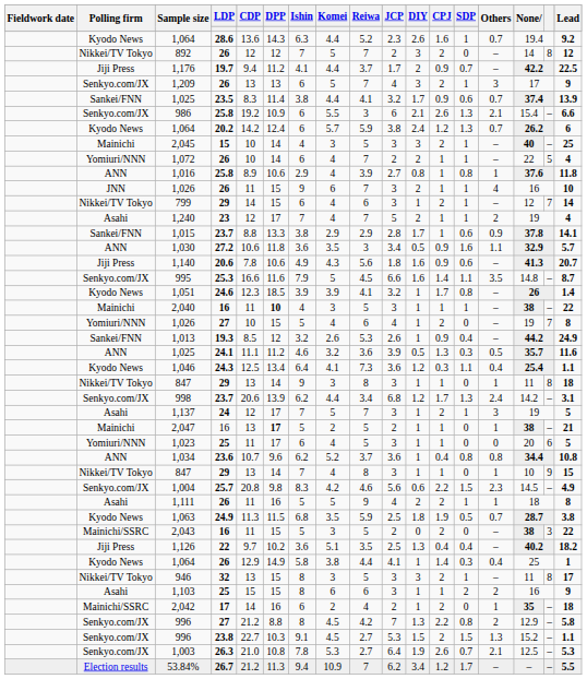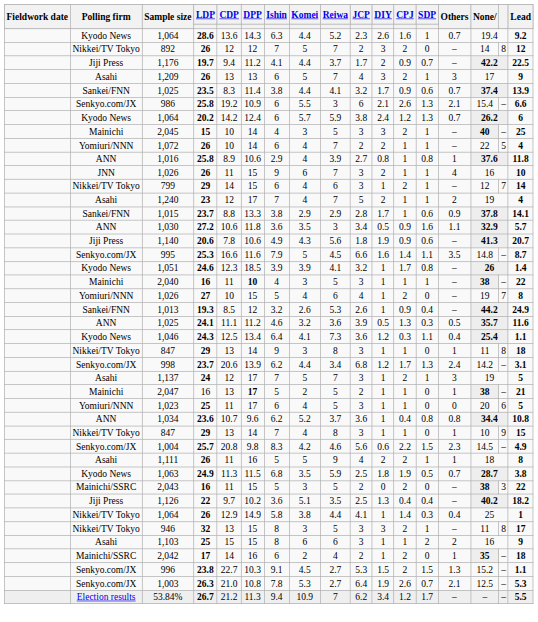 <table class="wikitable mw-datatable sortable mw-collapsible" style="text-align:center;font-size:90%;line-height:14px;">
 <tr style="height:30px; background-color:#8B8B8B">
 <th rowspan="2">Fieldwork date</th>
 <th rowspan="2">Polling firm</th>
 <th class="unsortable" rowspan="2">Sample size</th>
 <th class="unsortable"><a href='#'>LDP</a></th>
 <th class="unsortable"><a href='#'>CDP</a></th>
 <th class="unsortable"><a href='#'>DPP</a></th>
 <th class="unsortable"><a href='#'>Ishin</a></th>
 <th class="unsortable"><a href='#'>Komei</a></th>
 <th class="unsortable"><a href='#'>Reiwa</a></th>
 <th class="unsortable"><a href='#'>JCP</a></th>
 <th class="unsortable"><a href='#'>DIY</a></th>
 <th class="unsortable"><a href='#'>CPJ</a></th>
 <th class="unsortable"><a href='#'>SDP</a></th>
 <th class="unsortable" rowspan="2">Others</th>
 <th class="unsortable" rowspan="2">None/</th>
 <th class="unsortable" rowspan="2"></th>
 <th class="unsortable" rowspan="2">Lead</th>
 </tr>
 <tr>
 <th data-sort-type="number" style="background:"></th>
 <th data-sort-type="number" style="background:"></th>
 <th data-sort-type="number" style="background:"></th>
 <th data-sort-type="number" style="background:"></th>
 <th data-sort-type="number" style="background:"></th>
 <th data-sort-type="number" style="background:"></th>
 <th data-sort-type="number" style="background:"></th>
 <th data-sort-type="number" style="background:"></th>
 <th data-sort-type="number" style="background:"></th>
 <th data-sort-type="number" style="background:"></th>
 </tr>
 <tr>
 <td></td>
 <td>Kyodo News</td>
 <td>1,064</td>
 <td><strong>28.6</strong></td>
 <td>13.6</td>
 <td>14.3</td>
 <td>6.3</td>
 <td>4.4</td>
 <td>5.2</td>
 <td>2.3</td>
 <td>2.6</td>
 <td>1.6</td>
 <td>1</td>
 <td>0.7</td>
 <td colspan="2">19.4</td>
 <td style="background:"><strong>9.2</strong></td>
 </tr>
 <tr>
 <td></td>
 <td>Nikkei/TV Tokyo</td>
 <td>892</td>
 <td><strong>26</strong></td>
 <td>12</td>
 <td>12</td>
 <td>7</td>
 <td>5</td>
 <td>7</td>
 <td>2</td>
 <td>3</td>
 <td>2</td>
 <td>0</td>
 <td>–</td>
 <td>14</td>
 <td>8</td>
 <td style="background:"><strong>12</strong></td>
 </tr>
 <tr>
 <td></td>
 <td>Jiji Press</td>
 <td>1,176</td>
 <td><strong>19.7</strong></td>
 <td>9.4</td>
 <td>11.2</td>
 <td>4.1</td>
 <td>4.4</td>
 <td>3.7</td>
 <td>1.7</td>
 <td>2</td>
 <td>0.9</td>
 <td>0.7</td>
 <td>–</td>
 <td colspan="2" style="background:#EEEEEE;"><strong>42.2</strong></td>
 <td style="background:"><strong>22.5</strong></td>
 </tr>
 <tr>
 <td></td>
-<td>Senkyo.com/JX</td>
+<td>Asahi</td>
 <td>1,209</td>
 <td><strong>26</strong></td>
 <td>13</td>
 <td>13</td>
 <td>6</td>
 <td>5</td>
 <td>7</td>
 <td>4</td>
 <td>3</td>
 <td>2</td>
 <td>1</td>
 <td>3</td>
 <td colspan="2">17</td>
 <td style="background:"><strong>9</strong></td>
 </tr>
 <tr>
 <td></td>
 <td>Sankei/FNN</td>
 <td>1,025</td>
 <td><strong>23.5</strong></td>
 <td>8.3</td>
 <td>11.4</td>
 <td>3.8</td>
 <td>4.4</td>
 <td>4.1</td>
 <td>3.2</td>
 <td>1.7</td>
 <td>0.9</td>
 <td>0.6</td>
 <td>0.7</td>
 <td colspan="2" style="background:#EEEEEE;"><strong>37.4</strong></td>
 <td style="background:"><strong>13.9</strong></td>
 </tr>
 <tr>
 <td></td>
 <td>Senkyo.com/JX</td>
 <td>986</td>
 <td><strong>25.8</strong></td>
 <td>19.2</td>
 <td>10.9</td>
 <td>6</td>
 <td>5.5</td>
 <td>3</td>
 <td>6</td>
 <td>2.1</td>
 <td>2.6</td>
 <td>1.3</td>
 <td>2.1</td>
 <td>15.4</td>
 <td>–</td>
 <td style="background:"><strong>6.6</strong></td>
 </tr>
 <tr>
 <td></td>
 <td>Kyodo News</td>
 <td>1,064</td>
 <td><strong>20.2</strong></td>
 <td>14.2</td>
 <td>12.4</td>
 <td>6</td>
 <td>5.7</td>
 <td>5.9</td>
 <td>3.8</td>
 <td>2.4</td>
 <td>1.2</td>
 <td>1.3</td>
 <td>0.7</td>
 <td colspan="2" style="background:#EEEEEE;"><strong>26.2</strong></td>
 <td style="background:"><strong>6</strong></td>
 </tr>
 <tr>
 <td></td>
 <td>Mainichi</td>
 <td>2,045</td>
 <td><strong>15</strong></td>
 <td>10</td>
 <td>14</td>
 <td>4</td>
 <td>3</td>
 <td>5</td>
 <td>3</td>
 <td>3</td>
 <td>2</td>
 <td>1</td>
 <td>–</td>
 <td style="background:#EEEEEE;"><strong>40</strong></td>
 <td>–</td>
 <td style="background:"><strong>25</strong></td>
 </tr>
 <tr>
 <td></td>
 <td>Yomiuri/NNN</td>
 <td>1,072</td>
 <td><strong>26</strong></td>
 <td>10</td>
 <td>14</td>
 <td>6</td>
 <td>4</td>
 <td>7</td>
 <td>2</td>
 <td>2</td>
 <td>1</td>
 <td>1</td>
 <td>–</td>
 <td>22</td>
 <td>5</td>
 <td style="background:"><strong>4</strong></td>
 </tr>
 <tr>
 <td></td>
 <td>ANN</td>
 <td>1,016</td>
 <td><strong>25.8</strong></td>
 <td>8.9</td>
 <td>10.6</td>
 <td>2.9</td>
 <td>4</td>
 <td>3.9</td>
 <td>2.7</td>
 <td>0.8</td>
 <td>1</td>
 <td>0.8</td>
 <td>1</td>
 <td colspan="2" style="background:#EEEEEE;"><strong>37.6</strong></td>
 <td style="background:"><strong>11.8</strong></td>
 </tr>
 <tr>
 <td></td>
 <td>JNN</td>
 <td>1,026</td>
 <td><strong>26</strong></td>
 <td>11</td>
 <td>15</td>
 <td>9</td>
 <td>6</td>
 <td>7</td>
 <td>3</td>
 <td>2</td>
 <td>1</td>
 <td>1</td>
 <td>4</td>
 <td colspan="2">16</td>
 <td style="background:"><strong>10</strong></td>
 </tr>
 <tr>
 <td></td>
 <td>Nikkei/TV Tokyo</td>
 <td>799</td>
 <td><strong>29</strong></td>
 <td>14</td>
 <td>15</td>
 <td>6</td>
 <td>4</td>
 <td>6</td>
 <td>3</td>
 <td>1</td>
 <td>2</td>
 <td>1</td>
 <td>–</td>
 <td>12</td>
 <td>7</td>
 <td style="background:"><strong>14</strong></td>
 </tr>
 <tr>
 <td></td>
 <td>Asahi</td>
 <td>1,240</td>
 <td><strong>23</strong></td>
 <td>12</td>
 <td>17</td>
 <td>7</td>
 <td>4</td>
 <td>7</td>
 <td>5</td>
 <td>2</td>
 <td>1</td>
 <td>1</td>
 <td>2</td>
 <td colspan="2">19</td>
 <td style="background:"><strong>4</strong></td>
 </tr>
 <tr>
 <td></td>
 <td>Sankei/FNN</td>
 <td>1,015</td>
 <td><strong>23.7</strong></td>
 <td>8.8</td>
 <td>13.3</td>
 <td>3.8</td>
 <td>2.9</td>
 <td>2.9</td>
 <td>2.8</td>
 <td>1.7</td>
 <td>1</td>
 <td>0.6</td>
 <td>0.9</td>
 <td colspan="2" style="background:#EEEEEE;"><strong>37.8</strong></td>
 <td style="background:"><strong>14.1</strong></td>
 </tr>
 <tr>
 <td></td>
 <td>ANN</td>
 <td>1,030</td>
 <td><strong>27.2</strong></td>
 <td>10.6</td>
 <td>11.8</td>
 <td>3.6</td>
 <td>3.5</td>
 <td>3</td>
 <td>3.4</td>
 <td>0.5</td>
 <td>0.9</td>
 <td>1.6</td>
 <td>1.1</td>
 <td colspan="2" style="background:#EEEEEE;"><strong>32.9</strong></td>
 <td style="background:"><strong>5.7</strong></td>
 </tr>
 <tr>
 <td></td>
 <td>Jiji Press</td>
 <td>1,140</td>
 <td><strong>20.6</strong></td>
 <td>7.8</td>
 <td>10.6</td>
 <td>4.9</td>
 <td>4.3</td>
 <td>5.6</td>
 <td>1.8</td>
-<td>1.6</td>
+<td>1.9</td>
 <td>0.9</td>
 <td>0.6</td>
 <td>–</td>
 <td style="background:#EEEEEE;" colspan="2"><strong>41.3</strong></td>
 <td style="background:"><strong>20.7</strong></td>
 </tr>
 <tr>
 <td></td>
 <td>Senkyo.com/JX</td>
 <td>995</td>
 <td><strong>25.3</strong></td>
 <td>16.6</td>
 <td>11.6</td>
 <td>7.9</td>
 <td>5</td>
 <td>4.5</td>
 <td>6.6</td>
 <td>1.6</td>
 <td>1.4</td>
 <td>1.1</td>
 <td>3.5</td>
 <td>14.8</td>
 <td>–</td>
 <td style="background:"><strong>8.7</strong></td>
 </tr>
 <tr>
 <td></td>
 <td>Kyodo News</td>
 <td>1,051</td>
 <td><strong>24.6</strong></td>
 <td>12.3</td>
 <td>18.5</td>
 <td>3.9</td>
 <td>3.9</td>
 <td>4.1</td>
 <td>3.2</td>
 <td>1</td>
 <td>1.7</td>
 <td>0.8</td>
 <td>–</td>
 <td style="background:#EEEEEE;" colspan="2"><strong>26</strong></td>
 <td style="background:"><strong>1.4</strong></td>
 </tr>
 <tr>
 <td></td>
 <td>Mainichi</td>
 <td>2,040</td>
 <td><strong>16</strong></td>
 <td>11</td>
 <td><strong>10</strong></td>
 <td>4</td>
 <td>3</td>
 <td>5</td>
 <td>3</td>
 <td>1</td>
 <td>1</td>
 <td>1</td>
 <td>–</td>
 <td style="background:#EEEEEE;"><strong>38</strong></td>
 <td>–</td>
 <td style="background:"><strong>22</strong></td>
 </tr>
 <tr>
 <td></td>
 <td>Yomiuri/NNN</td>
 <td>1,026</td>
 <td><strong>27</strong></td>
 <td>10</td>
 <td>15</td>
 <td>5</td>
 <td>4</td>
 <td>6</td>
 <td>4</td>
 <td>1</td>
 <td>2</td>
 <td>0</td>
 <td>–</td>
 <td>19</td>
 <td>7</td>
 <td style="background:"><strong>8</strong></td>
 </tr>
 <tr>
 <td></td>
 <td>Sankei/FNN</td>
 <td>1,013</td>
 <td><strong>19.3</strong></td>
 <td>8.5</td>
 <td>12</td>
 <td>3.2</td>
 <td>2.6</td>
 <td>5.3</td>
 <td>2.6</td>
 <td>1</td>
 <td>0.9</td>
 <td>0.4</td>
 <td>–</td>
 <td style="background:#EEEEEE;" colspan="2"><strong>44.2</strong></td>
 <td style="background:"><strong>24.9</strong></td>
 </tr>
 <tr>
 <td></td>
 <td>ANN</td>
 <td>1,025</td>
 <td><strong>24.1</strong></td>
 <td>11.1</td>
 <td>11.2</td>
 <td>4.6</td>
 <td>3.2</td>
 <td>3.6</td>
 <td>3.9</td>
 <td>0.5</td>
 <td>1.3</td>
 <td>0.3</td>
 <td>0.5</td>
 <td style="background:#EEEEEE;" colspan="2"><strong>35.7</strong></td>
 <td style="background:"><strong>11.6</strong></td>
 </tr>
 <tr>
 <td></td>
 <td>Kyodo News</td>
 <td>1,046</td>
 <td><strong>24.3</strong></td>
 <td>12.5</td>
 <td>13.4</td>
 <td>6.4</td>
 <td>4.1</td>
 <td>7.3</td>
 <td>3.6</td>
 <td>1.2</td>
 <td>0.3</td>
 <td>1.1</td>
 <td>0.4</td>
 <td style="background:#EEEEEE;" colspan="2"><strong>25.4</strong></td>
 <td style="background:"><strong>1.1</strong></td>
 </tr>
 <tr>
 <td></td>
 <td>Nikkei/TV Tokyo</td>
 <td>847</td>
 <td><strong>29</strong></td>
 <td>13</td>
 <td>14</td>
 <td>9</td>
 <td>3</td>
 <td>8</td>
 <td>3</td>
 <td>1</td>
 <td>1</td>
 <td>0</td>
 <td>1</td>
 <td>11</td>
 <td>8</td>
 <td style="background:"><strong>18</strong></td>
 </tr>
 <tr>
 <td></td>
 <td>Senkyo.com/JX</td>
 <td>998</td>
 <td><strong>23.7</strong></td>
 <td>20.6</td>
 <td>13.9</td>
 <td>6.2</td>
 <td>4.4</td>
 <td>3.4</td>
 <td>6.8</td>
 <td>1.2</td>
 <td>1.7</td>
 <td>1.3</td>
 <td>2.4</td>
 <td>14.2</td>
 <td>–</td>
 <td style="background:"><strong>3.1</strong></td>
 </tr>
 <tr>
 <td></td>
 <td>Asahi</td>
 <td>1,137</td>
 <td><strong>24</strong></td>
 <td>12</td>
 <td>17</td>
 <td>7</td>
 <td>5</td>
 <td>7</td>
 <td>3</td>
 <td>1</td>
 <td>2</td>
 <td>1</td>
 <td>3</td>
 <td colspan="2">19</td>
 <td style="background:"><strong>5</strong></td>
 </tr>
 <tr>
 <td></td>
 <td>Mainichi</td>
 <td>2,047</td>
 <td>16</td>
 <td>13</td>
 <td><strong>17</strong></td>
 <td>5</td>
 <td>2</td>
 <td>5</td>
 <td>2</td>
 <td>1</td>
 <td>1</td>
 <td>0</td>
 <td>1</td>
 <td style="background:#EEEEEE;"><strong>38</strong></td>
 <td>–</td>
 <td style="background:"><strong>21</strong></td>
 </tr>
 <tr>
 <td></td>
 <td>Yomiuri/NNN</td>
 <td>1,023</td>
 <td><strong>25</strong></td>
 <td>11</td>
 <td>17</td>
 <td>6</td>
 <td>4</td>
 <td>5</td>
 <td>3</td>
 <td>1</td>
 <td>1</td>
 <td>0</td>
 <td>0</td>
 <td>20</td>
 <td>6</td>
 <td style="background:"><strong>5</strong></td>
 </tr>
 <tr>
 <td></td>
 <td>ANN</td>
 <td>1,034</td>
 <td><strong>23.6</strong></td>
 <td>10.7</td>
 <td>9.6</td>
 <td>6.2</td>
 <td>5.2</td>
 <td>3.7</td>
 <td>3.6</td>
 <td>1</td>
 <td>0.4</td>
 <td>0.8</td>
 <td>0.8</td>
 <td colspan="2" style="background:#EEEEEE;"><strong>34.4</strong></td>
 <td style="background:"><strong>10.8</strong></td>
 </tr>
 <tr>
 <td></td>
 <td>Nikkei/TV Tokyo</td>
 <td>847</td>
 <td><strong>29</strong></td>
 <td>13</td>
 <td>14</td>
 <td>7</td>
 <td>4</td>
 <td>8</td>
 <td>3</td>
 <td>1</td>
 <td>1</td>
 <td>0</td>
 <td>1</td>
 <td>10</td>
 <td>9</td>
 <td style="background:"><strong>15</strong></td>
 </tr>
 <tr>
 <td></td>
 <td>Senkyo.com/JX</td>
 <td>1,004</td>
 <td><strong>25.7</strong></td>
 <td>20.8</td>
 <td>9.8</td>
 <td>8.3</td>
 <td>4.2</td>
 <td>4.6</td>
 <td>5.6</td>
 <td>0.6</td>
 <td>2.2</td>
 <td>1.5</td>
 <td>2.3</td>
 <td>14.5</td>
 <td>–</td>
 <td style="background:"><strong>4.9</strong></td>
 </tr>
 <tr>
 <td></td>
 <td>Asahi</td>
 <td>1,111</td>
 <td><strong>26</strong></td>
 <td>11</td>
 <td>16</td>
 <td>5</td>
 <td>5</td>
 <td>9</td>
 <td>4</td>
 <td>2</td>
 <td>2</td>
 <td>1</td>
 <td>1</td>
 <td colspan="2">18</td>
 <td style="background:"><strong>8</strong></td>
 </tr>
 <tr>
 <td></td>
 <td>Kyodo News</td>
 <td>1,063</td>
 <td><strong>24.9</strong></td>
 <td>11.3</td>
 <td>11.5</td>
 <td>6.8</td>
 <td>3.5</td>
 <td>5.9</td>
 <td>2.5</td>
 <td>1.8</td>
 <td>1.9</td>
 <td>0.5</td>
 <td>0.7</td>
 <td colspan="2" style="background:#EEEEEE;"><strong>28.7</strong></td>
 <td style="background:"><strong>3.8</strong></td>
 </tr>
 <tr>
 <td></td>
 <td>Mainichi/SSRC</td>
 <td>2,043</td>
 <td><strong>16</strong></td>
 <td>11</td>
 <td>15</td>
 <td>5</td>
 <td>3</td>
 <td>5</td>
 <td>2</td>
 <td>0</td>
 <td>2</td>
 <td>0</td>
 <td>–</td>
 <td style="background:#EEEEEE;"><strong>38</strong></td>
 <td>3</td>
 <td style="background:"><strong>22</strong></td>
 </tr>
 <tr>
 <td></td>
 <td>Jiji Press</td>
 <td>1,126</td>
 <td><strong>22</strong></td>
 <td>9.7</td>
 <td>10.2</td>
 <td>3.6</td>
 <td>5.1</td>
 <td>3.5</td>
 <td>2.5</td>
 <td>1.3</td>
 <td>0.4</td>
 <td>0.4</td>
 <td>–</td>
 <td colspan="2" style="background:#EEEEEE;"><strong>40.2</strong></td>
 <td style="background:"><strong>18.2</strong></td>
 </tr>
 <tr>
 <td></td>
-<td>Kyodo News</td>
+<td>Nikkei/TV Tokyo</td>
 <td>1,064</td>
 <td><strong>26</strong></td>
 <td>12.9</td>
 <td>14.9</td>
 <td>5.8</td>
 <td>3.8</td>
 <td>4.4</td>
 <td>4.1</td>
 <td>1</td>
 <td>1.4</td>
 <td>0.3</td>
 <td>0.4</td>
 <td colspan="2">25</td>
 <td style="background:"><strong>1</strong></td>
 </tr>
 <tr>
 <td></td>
 <td>Nikkei/TV Tokyo</td>
 <td>946</td>
 <td><strong>32</strong></td>
 <td>13</td>
 <td>15</td>
 <td>8</td>
 <td>3</td>
 <td>5</td>
 <td>3</td>
 <td>3</td>
 <td>2</td>
 <td>1</td>
 <td>–</td>
 <td>11</td>
 <td>8</td>
 <td style="background:"><strong>17</strong></td>
 </tr>
 <tr>
 <td></td>
 <td>Asahi</td>
 <td>1,103</td>
 <td><strong>25</strong></td>
 <td>15</td>
 <td>15</td>
 <td>8</td>
 <td>6</td>
 <td>6</td>
 <td>3</td>
 <td>1</td>
 <td>1</td>
 <td>2</td>
 <td>2</td>
 <td colspan="2">16</td>
 <td style="background:"><strong>9</strong></td>
 </tr>
 <tr>
 <td></td>
 <td>Mainichi/SSRC</td>
 <td>2,042</td>
 <td><strong>17</strong></td>
 <td>14</td>
 <td>16</td>
 <td>6</td>
 <td>2</td>
 <td>4</td>
 <td>2</td>
 <td>1</td>
 <td>2</td>
 <td>0</td>
 <td>1</td>
 <td style="background:#EEEEEE;"><strong>35</strong></td>
 <td>–</td>
 <td style="background:"><strong>18</strong></td>
 </tr>
 <tr>
 <td></td>
 <td>Senkyo.com/JX</td>
 <td>996</td>
-<td><strong>27</strong></td>
-<td>21.2</td>
-<td>8.8</td>
-<td>8</td>
-<td>4.5</td>
-<td>4.2</td>
-<td>7</td>
-<td>1.3</td>
-<td>2.2</td>
-<td>0.8</td>
-<td>2</td>
-<td>12.9</td>
-<td>–</td>
-<td style="background:"><strong>5.8</strong></td>
-</tr>
-<tr>
-<td></td>
-<td>Senkyo.com/JX</td>
-<td>996</td>
 <td><strong>23.8</strong></td>
 <td>22.7</td>
 <td>10.3</td>
 <td>9.1</td>
 <td>4.5</td>
 <td>2.7</td>
 <td>5.3</td>
 <td>1.5</td>
 <td>2</td>
 <td>1.5</td>
 <td>1.3</td>
 <td>15.2</td>
 <td>–</td>
 <td style="background:"><strong>1.1</strong></td>
 </tr>
 <tr>
 <td></td>
 <td>Senkyo.com/JX</td>
 <td>1,003</td>
 <td><strong>26.3</strong></td>
 <td>21.0</td>
 <td>10.8</td>
 <td>7.8</td>
 <td>5.3</td>
 <td>2.7</td>
 <td>6.4</td>
 <td>1.9</td>
 <td>2.6</td>
 <td>0.7</td>
 <td>2.1</td>
 <td>12.5</td>
 <td>–</td>
 <td style="background:"><strong>5.3</strong></td>
 </tr>
 <tr style="background:#EFEFEF;">
 <td></td>
 <td><a href='#'>Election results</a></td>
 <td>53.84%</td>
 <td><strong>26.7</strong></td>
 <td>21.2</td>
 <td>11.3</td>
 <td>9.4</td>
 <td>10.9</td>
 <td>7</td>
 <td>6.2</td>
 <td>3.4</td>
 <td>1.2</td>
 <td>1.7</td>
 <td>–</td>
 <td>–</td>
 <td>–</td>
 <td style="background:"><strong>5.5</strong></td>
 </tr>
 </table>
